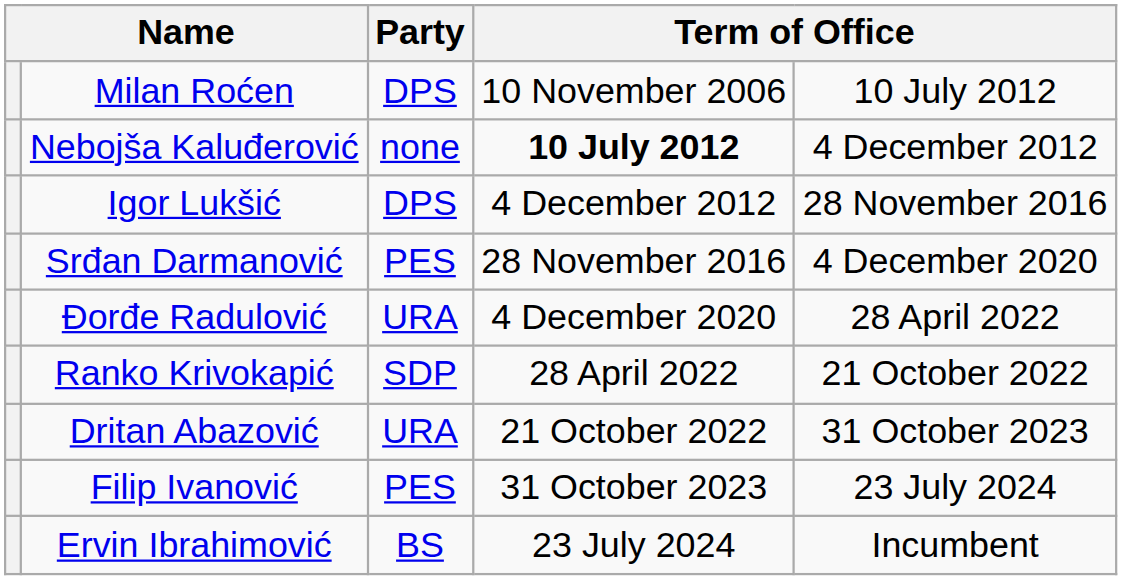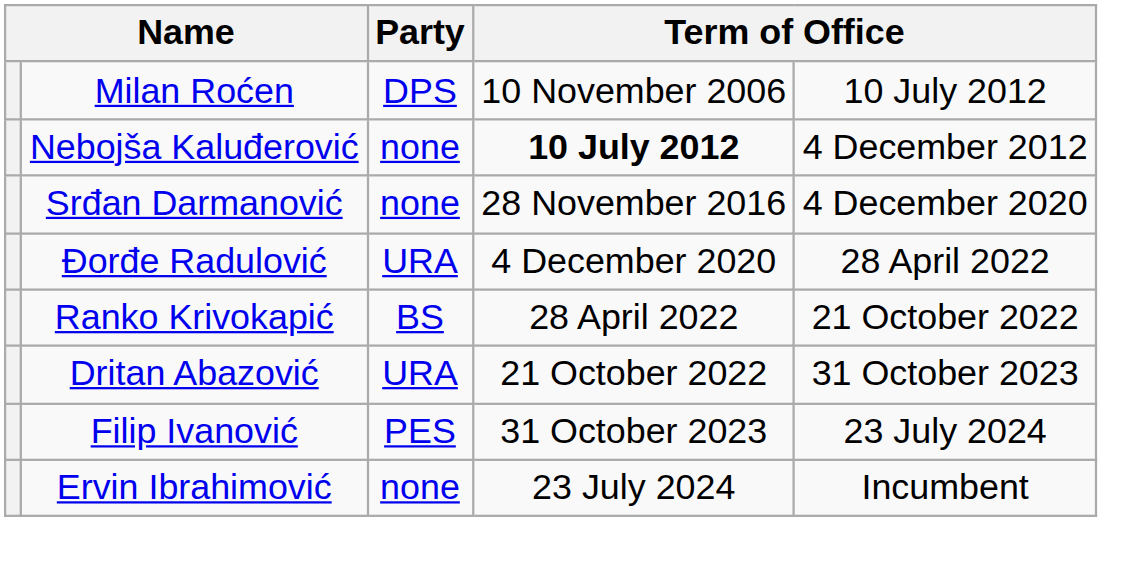 <table class="wikitable" style="text-align:center;">
 <tr>
 <th colspan=2>Name<br></th>
 <th>Party</th>
 <th colspan=2>Term of Office</th>
 </tr>
 <tr>
 <th style="background:"></th>
 <td><a href='#'>Milan Roćen</a><br></td>
 <td><a href='#'>DPS</a></td>
 <td>10 November 2006</td>
 <td>10 July 2012</td>
 </tr>
 <tr>
 <th style="background:"></th>
 <td><a href='#'>Nebojša Kaluđerović</a><br></td>
 <td><a href='#'>none</a></td>
 <td><strong>10 July 2012</strong></td>
 <td>4 December 2012</td>
 </tr>
 <tr>
 <th style="background:"></th>
-<td><a href='#'>Igor Lukšić</a><br></td>
-<td><a href='#'>DPS</a></td>
-<td>4 December 2012</td>
-<td>28 November 2016</td>
-</tr>
-<tr>
-<th style="background:"></th>
 <td><a href='#'>Srđan Darmanović</a><br></td>
-<td><a href='#'>PES</a></td>
+<td><a href='#'>none</a></td>
 <td>28 November 2016</td>
 <td>4 December 2020</td>
 </tr>
 <tr>
 <th style="background:"></th>
 <td><a href='#'>Đorđe Radulović</a><br></td>
 <td><a href='#'>URA</a></td>
 <td>4 December 2020</td>
 <td>28 April 2022</td>
 </tr>
 <tr>
 <th style="background:"></th>
 <td><a href='#'>Ranko Krivokapić</a><br></td>
-<td><a href='#'>SDP</a></td>
+<td><a href='#'>BS</a></td>
 <td>28 April 2022</td>
 <td>21 October 2022</td>
 </tr>
 <tr>
 <th style="background:"></th>
 <td><a href='#'>Dritan Abazović</a><br></td>
 <td><a href='#'>URA</a></td>
 <td>21 October 2022</td>
 <td>31 October 2023</td>
 </tr>
 <tr>
 <th style="background:"></th>
 <td><a href='#'>Filip Ivanović</a><br></td>
 <td><a href='#'>PES</a></td>
 <td>31 October 2023</td>
 <td>23 July 2024</td>
 </tr>
 <tr>
 <th style="background:"></th>
 <td><a href='#'>Ervin Ibrahimović</a><br></td>
-<td><a href='#'>BS</a></td>
+<td><a href='#'>none</a></td>
 <td>23 July 2024</td>
 <td>Incumbent</td>
 </tr>
 </table>
